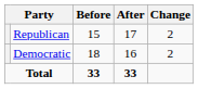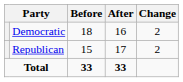 <table class="wikitable" style="text-align:center;">
 <tr>
 <th colspan="2">Party</th>
 <th>Before</th>
 <th>After</th>
 <th>Change</th>
 </tr>
 <tr>
 <th style="background-color:"></th>
-<td style="text-align:left;"><a href='#'>Republican</a></td>
-<td>15</td>
-<td>17</td>
+<td style="text-align:left;"><a href='#'>Democratic</a></td>
+<td>18</td>
+<td>16</td>
 <td> 2</td>
 </tr>
 <tr>
 <th style="background-color:"></th>
-<td style="text-align:left;"><a href='#'>Democratic</a></td>
-<td>18</td>
-<td>16</td>
+<td style="text-align:left;"><a href='#'>Republican</a></td>
+<td>15</td>
+<td>17</td>
 <td> 2</td>
 </tr>
 <tr>
 <td colspan="2"><strong>Total</strong></td>
 <td><strong>33</strong></td>
 <td><strong>33</strong></td>
 <td></td>
 </tr>
 </table>
